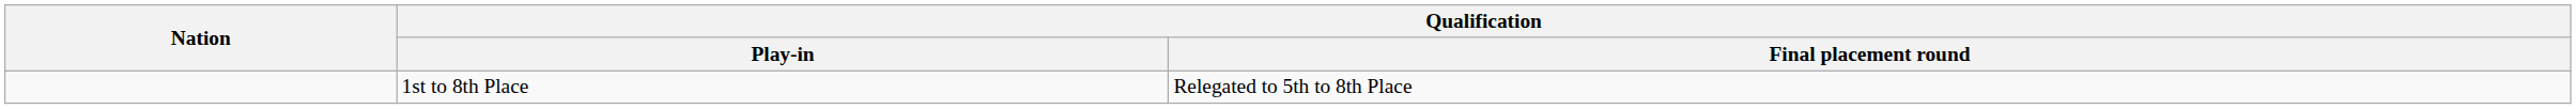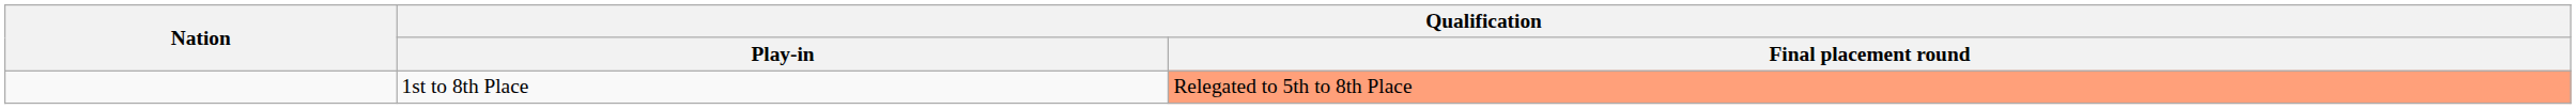 <table class="wikitable"  style="txt-align:center; width:100%;">
 <tr>
 <th rowspan=2>Nation</th>
 <th colspan=2>Qualification</th>
 </tr>
 <tr>
 <th>Play-in</th>
 <th>Final placement round</th>
 </tr>
 <tr>
 <td><br></td>
 <td>1st to 8th Place</td>
-<td>Relegated to 5th to 8th Place</td>
+<td style="background: lightsalmon;">Relegated to 5th to 8th Place</td>
 </tr>
 </table>
